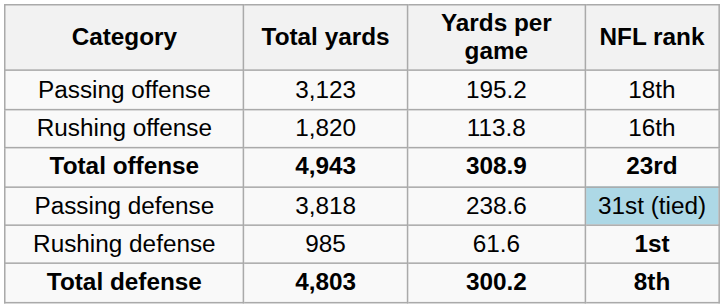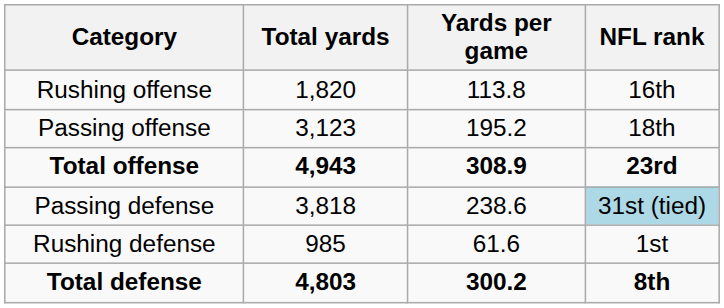 <table class="wikitable" style="text-align:center">
 <tr>
 <th width=150px>Category</th>
 <th width=100px>Total yards</th>
 <th width=110px>Yards per game</th>
 <th width=80px>NFL rank<br></th>
 </tr>
 <tr>
+<td>Rushing offense</td>
+<td>1,820</td>
+<td>113.8</td>
+<td>16th</td>
+</tr>
+<tr>
 <td>Passing offense</td>
 <td>3,123</td>
 <td>195.2</td>
 <td>18th</td>
-</tr>
-<tr>
-<td>Rushing offense</td>
-<td>1,820</td>
-<td>113.8</td>
-<td>16th</td>
 </tr>
 <tr>
 <td><strong>Total offense</strong></td>
 <td><strong>4,943</strong></td>
 <td><strong>308.9</strong></td>
 <td><strong>23rd</strong></td>
 </tr>
 <tr>
 <td>Passing defense</td>
 <td>3,818</td>
 <td>238.6</td>
 <td style="background: lightblue;">31st (tied)</td>
 </tr>
 <tr>
 <td>Rushing defense</td>
 <td>985</td>
 <td>61.6</td>
-<td><strong>1st</strong></td>
+<td>1st</td>
 </tr>
 <tr>
 <td><strong>Total defense</strong></td>
 <td><strong>4,803</strong></td>
 <td><strong>300.2</strong></td>
 <td><strong>8th</strong></td>
 </tr>
 </table>
